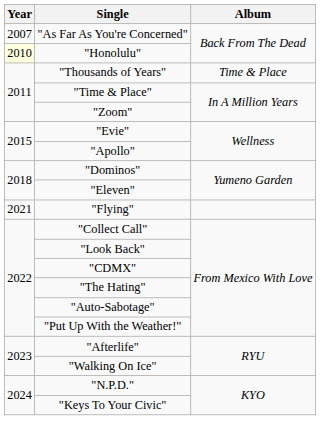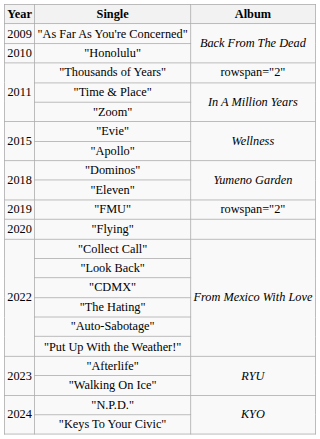 <table class="wikitable" style="text-align:center;">
 <tr>
 <th>Year</th>
 <th>Single</th>
 <th>Album</th>
 </tr>
 <tr>
-<td>2007</td>
+<td>2009</td>
 <td>"As Far As You're Concerned"</td>
 <td rowspan="2"><em>Back From The Dead</em></td>
 </tr>
 <tr>
-<td style="background: lightyellow;">2010</td>
+<td>2010</td>
 <td>"Honolulu"</td>
 </tr>
 <tr>
 <td rowspan="3">2011</td>
 <td>"Thousands of Years"</td>
-<td><em>Time & Place</em></td>
+<td>rowspan="2" </td>
 </tr>
 <tr>
 <td>"Time & Place"</td>
 <td rowspan="2"><em>In A Million Years</em></td>
 </tr>
 <tr>
 <td>"Zoom"</td>
 </tr>
 <tr>
 <td rowspan="2">2015</td>
 <td>"Evie"</td>
 <td rowspan="2"><em>Wellness</em></td>
 </tr>
 <tr>
 <td>"Apollo"</td>
 </tr>
 <tr>
 <td rowspan="2">2018</td>
 <td>"Dominos"</td>
 <td rowspan="2"><em>Yumeno Garden</em></td>
 </tr>
 <tr>
 <td>"Eleven"</td>
 </tr>
 <tr>
-<td>2021</td>
+<td>2019</td>
+<td>"FMU"</td>
+<td>rowspan="2" </td>
+</tr>
+<tr>
+<td>2020</td>
 <td>"Flying"</td>
 </tr>
 <tr>
 <td rowspan="6">2022</td>
 <td>"Collect Call"</td>
 <td rowspan="6"><em>From Mexico With Love</em></td>
 </tr>
 <tr>
 <td>"Look Back"</td>
 </tr>
 <tr>
 <td>"CDMX"</td>
 </tr>
 <tr>
 <td>"The Hating"</td>
 </tr>
 <tr>
 <td>"Auto-Sabotage"</td>
 </tr>
 <tr>
 <td>"Put Up With the Weather!"</td>
 </tr>
 <tr>
 <td rowspan="2">2023</td>
 <td>"Afterlife"</td>
 <td rowspan="2"><em>RYU</em></td>
 </tr>
 <tr>
 <td>"Walking On Ice"</td>
 </tr>
 <tr>
 <td rowspan="2">2024</td>
 <td>"N.P.D."</td>
 <td rowspan="2"><em>KYO</em></td>
 </tr>
 <tr>
 <td>"Keys To Your Civic"</td>
 </tr>
 </table>
